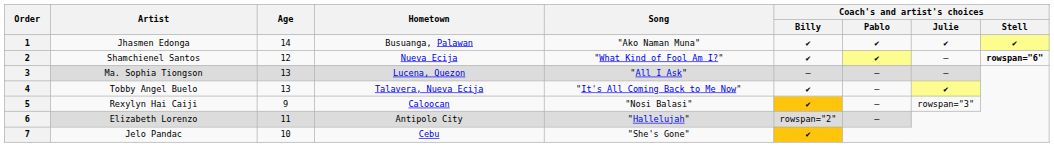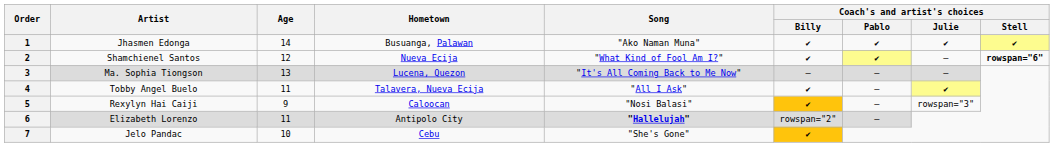 <table class="wikitable" style="text-align:center; line-height:17px; width:100%">
 <tr>
 <th scope="col" rowspan="2" style="width:04%">Order</th>
 <th scope="col" rowspan="2" style="width:18%">Artist</th>
 <th scope="col" rowspan="2" style="width:05%">Age</th>
 <th scope="col" rowspan="2" style="width:20%">Hometown</th>
 <th scope="col" rowspan="2" style="width:20%">Song</th>
 <th scope="col" colspan="4" style="width:24%">Coach's and artist's choices</th>
 </tr>
 <tr>
 <th style="width:06%">Billy</th>
 <th style="width:06%">Pablo</th>
 <th style="width:06%">Julie</th>
 <th style="width:06%">Stell</th>
 </tr>
 <tr>
 <th>1</th>
 <td>Jhasmen Edonga</td>
 <td>14</td>
 <td>Busuanga, <a href='#'>Palawan</a></td>
 <td>"Ako Naman Muna"</td>
 <td>✔</td>
 <td>✔</td>
 <td>✔</td>
 <td style="background:#fdfc8f;">✔</td>
 </tr>
 <tr>
 <th>2</th>
 <td>Shamchienel Santos</td>
 <td>12</td>
 <td><a href='#'>Nueva Ecija</a></td>
 <td>"<a href='#'>What Kind of Fool Am I?</a>"</td>
 <td>✔</td>
 <td style="background:#fdfc8f;">✔</td>
 <td>—</td>
 <td><strong>rowspan="6" </strong></td>
 </tr>
 <tr style="background:#DCDCDC;">
 <th>3</th>
 <td>Ma. Sophia Tiongson</td>
 <td>13</td>
 <td><a href='#'>Lucena, Quezon</a></td>
-<td>"<a href='#'>All I Ask</a>"</td>
+<td>"<a href='#'>It's All Coming Back to Me Now</a>"</td>
 <td>—</td>
 <td>—</td>
 <td>—</td>
 </tr>
 <tr>
 <th>4</th>
 <td>Tobby Angel Buelo</td>
-<td>13</td>
+<td>11</td>
 <td><a href='#'>Talavera, Nueva Ecija</a></td>
-<td>"<a href='#'>It's All Coming Back to Me Now</a>"</td>
+<td>"<a href='#'>All I Ask</a>"</td>
 <td>✔</td>
 <td>—</td>
 <td style="background:#fdfc8f;">✔</td>
 </tr>
 <tr>
 <th>5</th>
 <td>Rexylyn Hai Caiji</td>
 <td>9</td>
 <td><a href='#'>Caloocan</a></td>
 <td>"Nosi Balasi"</td>
 <td style="background:#FFC40C;">✔</td>
 <td>—</td>
 <td>rowspan="3" </td>
 </tr>
 <tr style="background:#DCDCDC;">
 <th>6</th>
 <td>Elizabeth Lorenzo</td>
 <td>11</td>
 <td>Antipolo City</td>
-<td>"<a href='#'>Hallelujah</a>"</td>
+<td><strong>"<a href='#'>Hallelujah</a>"</strong></td>
 <td>rowspan="2" </td>
 <td>—</td>
 </tr>
 <tr>
 <th>7</th>
 <td>Jelo Pandac</td>
 <td>10</td>
 <td><a href='#'>Cebu</a></td>
 <td>"She's Gone"</td>
 <td style="background:#FFC40C;">✔</td>
 </tr>
 </table>
